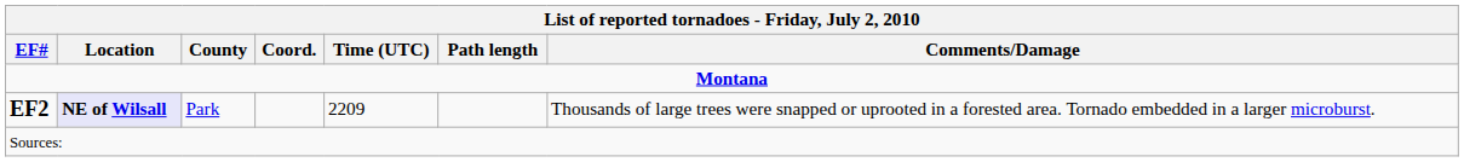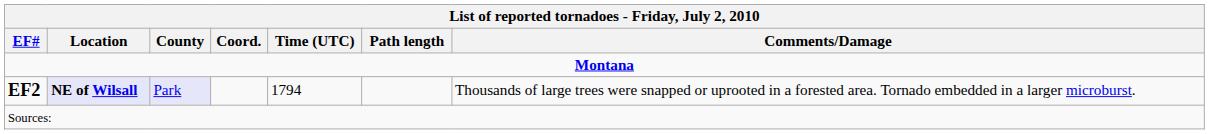 <table class="wikitable collapsible" style="width:100%;">
 <tr>
 <th colspan="7">List of reported tornadoes - Friday, July 2, 2010</th>
 </tr>
 <tr>
 <th><a href='#'>EF#</a></th>
 <th>Location</th>
 <th>County</th>
 <th>Coord.</th>
 <th>Time (UTC)</th>
 <th>Path length</th>
 <th>Comments/Damage</th>
 </tr>
 <tr>
 <td colspan="7" style="text-align:center;"><strong><a href='#'>Montana</a></strong></td>
 </tr>
 <tr>
 <td><big><strong>EF2</strong></big></td>
 <td style="background: lavender;"><strong>NE of <a href='#'>Wilsall</a></strong></td>
-<td><a href='#'>Park</a></td>
+<td style="background: lavender;"><a href='#'>Park</a></td>
 <td></td>
-<td>2209</td>
+<td>1794</td>
 <td></td>
 <td>Thousands of large trees were snapped or uprooted in a forested area. Tornado embedded in a larger <a href='#'>microburst</a>.</td>
 </tr>
 <tr>
 <td colspan="7"><small>Sources: </small></td>
 </tr>
 </table>
